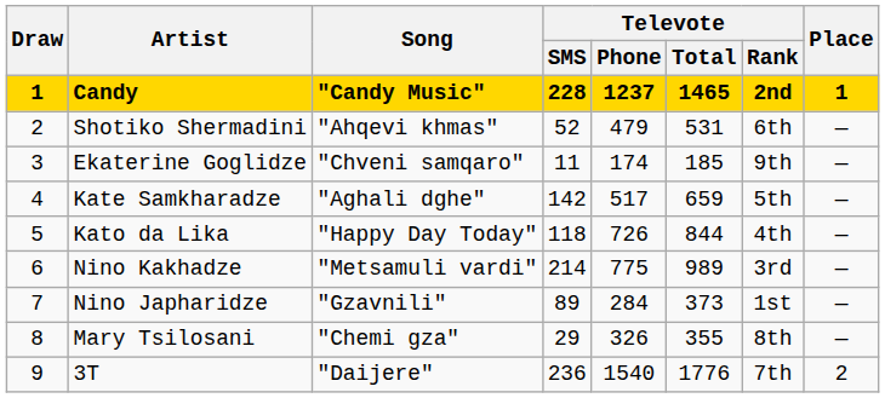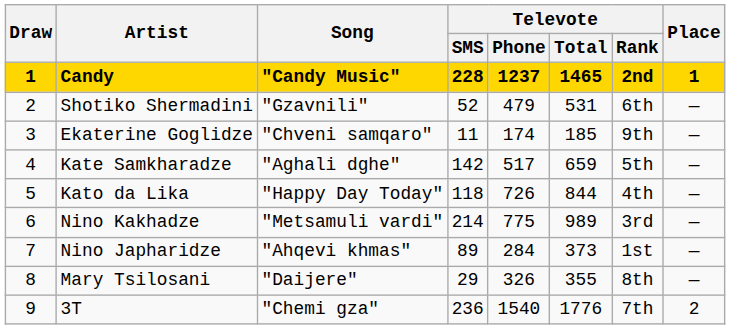 <table class="sortable wikitable" style="margin: 1em auto 1em auto; text-align:center;">
 <tr>
 <th rowspan="2">Draw</th>
 <th rowspan="2">Artist</th>
 <th rowspan="2">Song</th>
 <th colspan="4">Televote</th>
 <th rowspan="2">Place</th>
 </tr>
 <tr>
 <th>SMS</th>
 <th>Phone</th>
 <th>Total</th>
 <th>Rank</th>
 </tr>
 <tr style="font-weight:bold; background:gold;">
 <td>1</td>
 <td align="left">Candy</td>
 <td align="left">"Candy Music"</td>
 <td>228</td>
 <td>1237</td>
 <td>1465</td>
 <td>2nd</td>
 <td>1</td>
 </tr>
 <tr>
 <td>2</td>
 <td align="left">Shotiko Shermadini</td>
-<td align="left">"Ahqevi khmas"</td>
+<td align="left">"Gzavnili"</td>
 <td>52</td>
 <td>479</td>
 <td>531</td>
 <td>6th</td>
 <td>—</td>
 </tr>
 <tr>
 <td>3</td>
 <td align="left">Ekaterine Goglidze</td>
 <td align="left">"Chveni samqaro"</td>
 <td>11</td>
 <td>174</td>
 <td>185</td>
 <td>9th</td>
 <td>—</td>
 </tr>
 <tr>
 <td>4</td>
 <td align="left">Kate Samkharadze</td>
 <td align="left">"Aghali dghe"</td>
 <td>142</td>
 <td>517</td>
 <td>659</td>
 <td>5th</td>
 <td>—</td>
 </tr>
 <tr>
 <td>5</td>
 <td align="left">Kato da Lika</td>
 <td align="left">"Happy Day Today"</td>
 <td>118</td>
 <td>726</td>
 <td>844</td>
 <td>4th</td>
 <td>—</td>
 </tr>
 <tr>
 <td>6</td>
 <td align="left">Nino Kakhadze</td>
 <td align="left">"Metsamuli vardi"</td>
 <td>214</td>
 <td>775</td>
 <td>989</td>
 <td>3rd</td>
 <td>—</td>
 </tr>
 <tr>
 <td>7</td>
 <td align="left">Nino Japharidze</td>
-<td align="left">"Gzavnili"</td>
+<td align="left">"Ahqevi khmas"</td>
 <td>89</td>
 <td>284</td>
 <td>373</td>
 <td>1st</td>
 <td>—</td>
 </tr>
 <tr>
 <td>8</td>
 <td align="left">Mary Tsilosani</td>
-<td align="left">"Chemi gza"</td>
+<td align="left">"Daijere"</td>
 <td>29</td>
 <td>326</td>
 <td>355</td>
 <td>8th</td>
 <td>—</td>
 </tr>
 <tr>
 <td>9</td>
 <td align="left">3T</td>
-<td align="left">"Daijere"</td>
+<td align="left">"Chemi gza"</td>
 <td>236</td>
 <td>1540</td>
 <td>1776</td>
 <td>7th</td>
 <td>2</td>
 </tr>
 </table>
